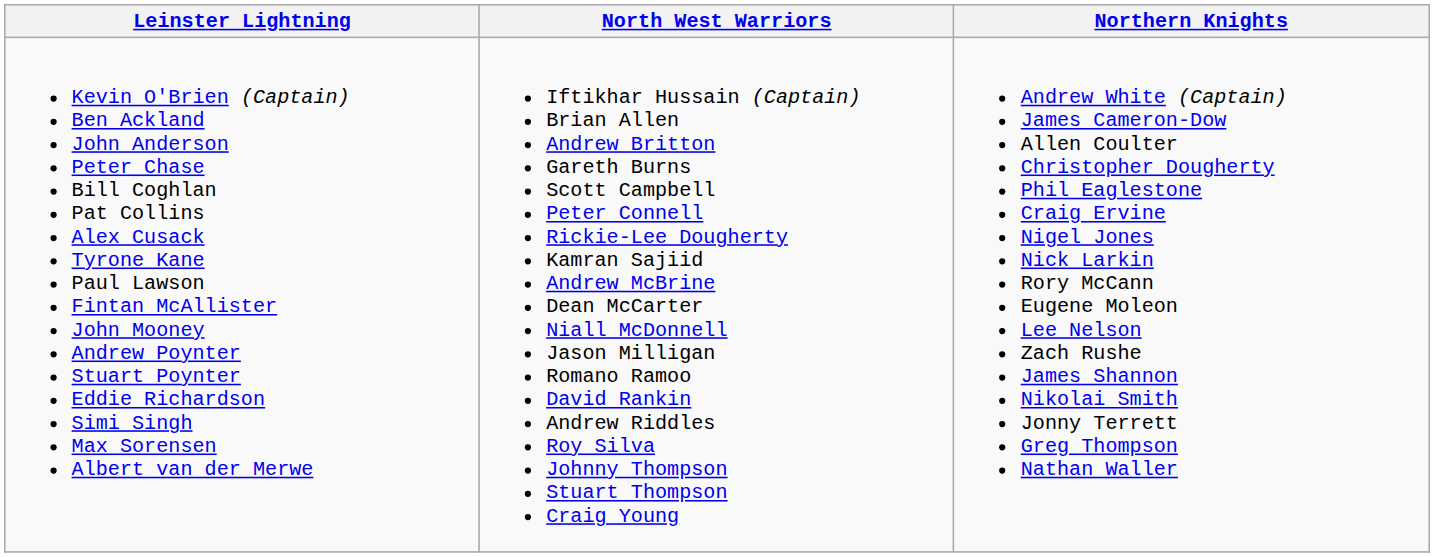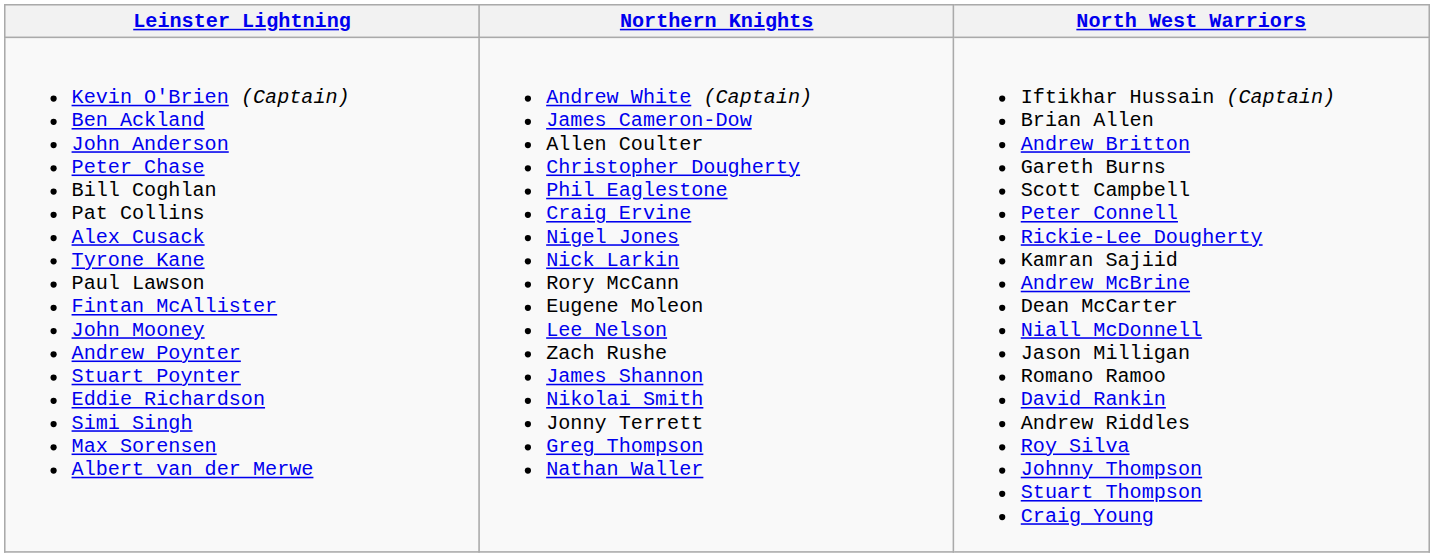 <table class="wikitable">
 <tr>
 <th width=300><a href='#'>Leinster Lightning</a></th>
+<th width=300><a href='#'>Northern Knights</a></th>
 <th width=300><a href='#'>North West Warriors</a></th>
-<th width=300><a href='#'>Northern Knights</a></th>
 </tr>
 <tr>
 <td valign=top><br><ul><li><a href='#'>Kevin O'Brien</a> <em>(Captain)</em></li><li><a href='#'>Ben Ackland</a></li><li><a href='#'>John Anderson</a></li><li><a href='#'>Peter Chase</a></li><li>Bill Coghlan</li><li>Pat Collins</li><li><a href='#'>Alex Cusack</a></li><li><a href='#'>Tyrone Kane</a></li><li>Paul Lawson</li><li><a href='#'>Fintan McAllister</a></li><li><a href='#'>John Mooney</a></li><li><a href='#'>Andrew Poynter</a></li><li><a href='#'>Stuart Poynter</a></li><li><a href='#'>Eddie Richardson</a></li><li><a href='#'>Simi Singh</a></li><li><a href='#'>Max Sorensen</a></li><li><a href='#'>Albert van der Merwe</a></li></ul></td>
+<td valign=top><br><ul><li><a href='#'>Andrew White</a> <em>(Captain)</em></li><li><a href='#'>James Cameron-Dow</a></li><li>Allen Coulter</li><li><a href='#'>Christopher Dougherty</a></li><li><a href='#'>Phil Eaglestone</a></li><li><a href='#'>Craig Ervine</a></li><li><a href='#'>Nigel Jones</a></li><li><a href='#'>Nick Larkin</a></li><li>Rory McCann</li><li>Eugene Moleon</li><li><a href='#'>Lee Nelson</a></li><li>Zach Rushe</li><li><a href='#'>James Shannon</a></li><li><a href='#'>Nikolai Smith</a></li><li>Jonny Terrett</li><li><a href='#'>Greg Thompson</a></li><li><a href='#'>Nathan Waller</a></li></ul></td>
 <td valign=top><br><ul><li>Iftikhar Hussain <em>(Captain)</em></li><li>Brian Allen</li><li><a href='#'>Andrew Britton</a></li><li>Gareth Burns</li><li>Scott Campbell</li><li><a href='#'>Peter Connell</a></li><li><a href='#'>Rickie-Lee Dougherty</a></li><li>Kamran Sajiid</li><li><a href='#'>Andrew McBrine</a></li><li>Dean McCarter</li><li><a href='#'>Niall McDonnell</a></li><li>Jason Milligan</li><li>Romano Ramoo</li><li><a href='#'>David Rankin</a></li><li>Andrew Riddles</li><li><a href='#'>Roy Silva</a></li><li><a href='#'>Johnny Thompson</a></li><li><a href='#'>Stuart Thompson</a></li><li><a href='#'>Craig Young</a></li></ul></td>
-<td valign=top><br><ul><li><a href='#'>Andrew White</a> <em>(Captain)</em></li><li><a href='#'>James Cameron-Dow</a></li><li>Allen Coulter</li><li><a href='#'>Christopher Dougherty</a></li><li><a href='#'>Phil Eaglestone</a></li><li><a href='#'>Craig Ervine</a></li><li><a href='#'>Nigel Jones</a></li><li><a href='#'>Nick Larkin</a></li><li>Rory McCann</li><li>Eugene Moleon</li><li><a href='#'>Lee Nelson</a></li><li>Zach Rushe</li><li><a href='#'>James Shannon</a></li><li><a href='#'>Nikolai Smith</a></li><li>Jonny Terrett</li><li><a href='#'>Greg Thompson</a></li><li><a href='#'>Nathan Waller</a></li></ul></td>
 </tr>
 </table>
